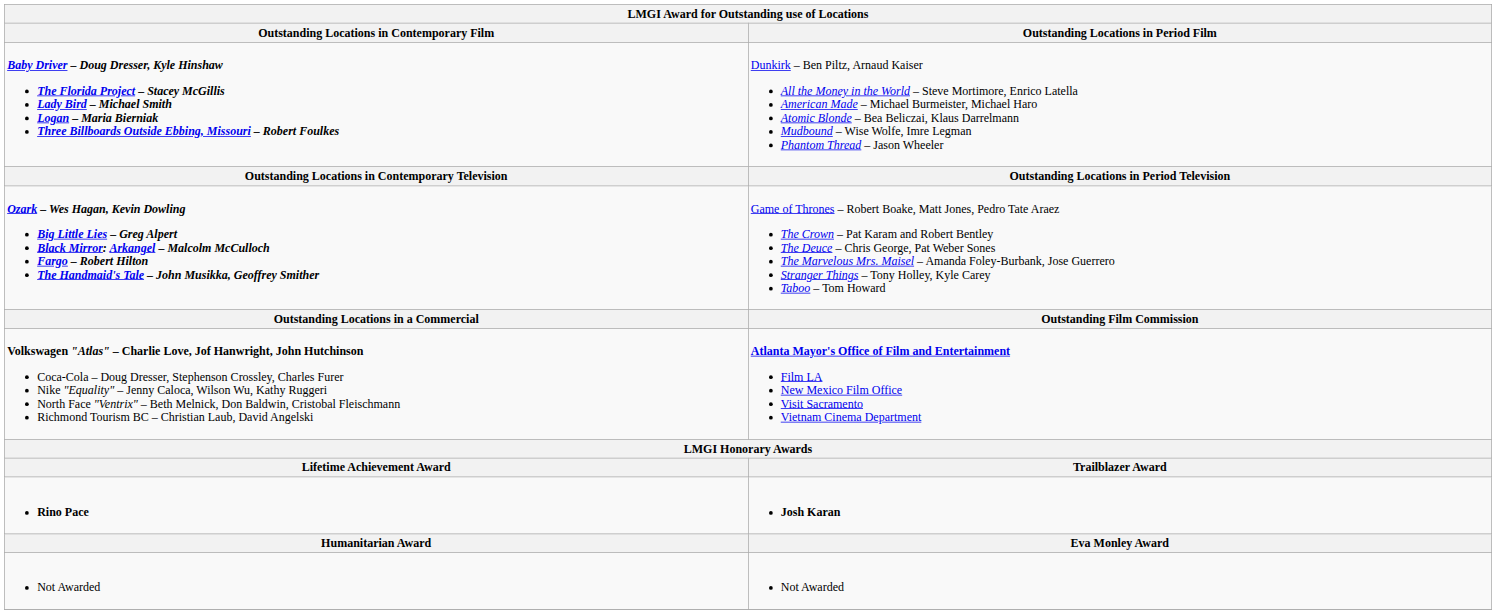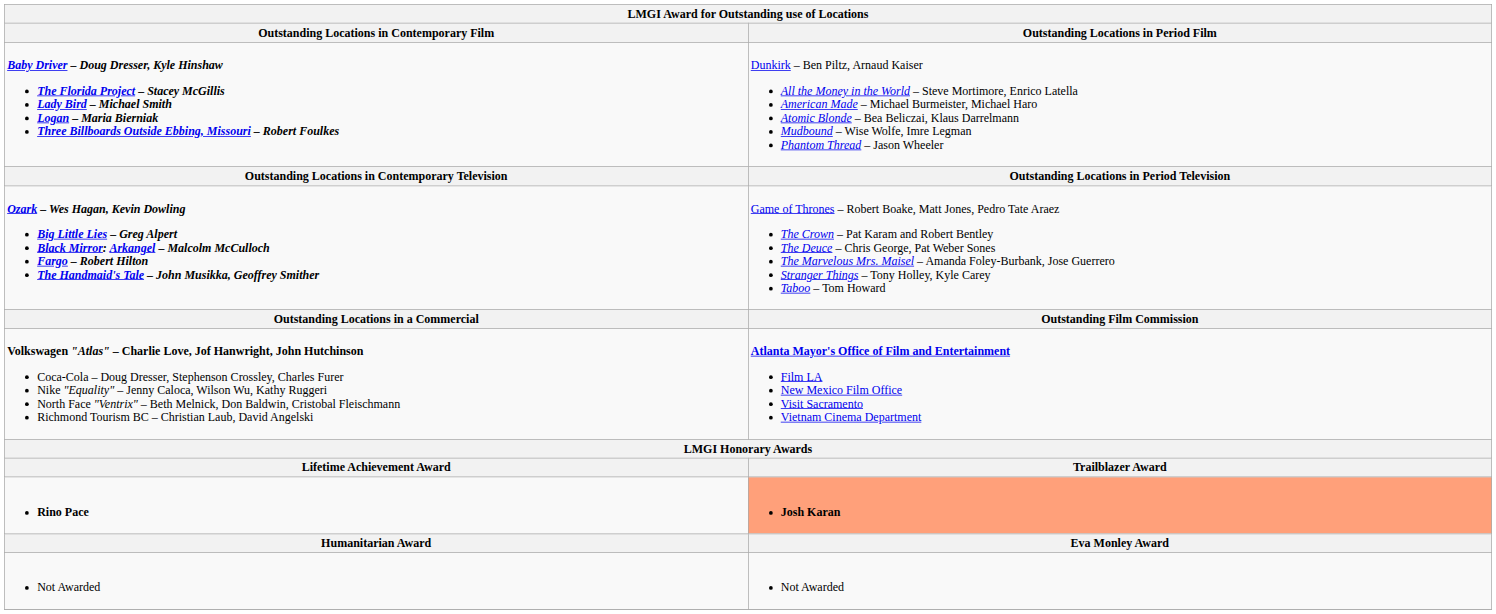 <table class=wikitable width="100%">
 <tr>
 <th colspan="2">LMGI Award for Outstanding use of Locations</th>
 </tr>
 <tr>
 <th width="50%">Outstanding Locations in Contemporary Film</th>
 <th width="50%">Outstanding Locations in Period Film</th>
 </tr>
 <tr>
 <td valign="top"><br><strong><em><a href='#'>Baby Driver</a><em> – Doug Dresser, Kyle Hinshaw<strong><ul><li></em><a href='#'>The Florida Project</a><em> – Stacey McGillis</li><li></em><a href='#'>Lady Bird</a><em> – Michael Smith</li><li></em><a href='#'>Logan</a><em> – Maria Bierniak</li><li></em><a href='#'>Three Billboards Outside Ebbing, Missouri</a><em> – Robert Foulkes</li></ul></td>
 <td valign="top"><br></em></strong><a href='#'>Dunkirk</a></em> – Ben Piltz, Arnaud Kaiser</strong><ul><li><em><a href='#'>All the Money in the World</a></em> – Steve Mortimore, Enrico Latella</li><li><em><a href='#'>American Made</a></em> – Michael Burmeister, Michael Haro</li><li><em><a href='#'>Atomic Blonde</a></em> – Bea Beliczai, Klaus Darrelmann</li><li><em><a href='#'>Mudbound</a></em> – Wise Wolfe, Imre Legman</li><li><em><a href='#'>Phantom Thread</a></em> – Jason Wheeler</li></ul></td>
 </tr>
 <tr>
 <th>Outstanding Locations in Contemporary Television</th>
 <th>Outstanding Locations in Period Television</th>
 </tr>
 <tr>
 <td valign="top"><br><strong><em><a href='#'>Ozark</a><em> – Wes Hagan, Kevin Dowling<strong><ul><li></em><a href='#'>Big Little Lies</a><em> – Greg Alpert</li><li></em><a href='#'>Black Mirror</a>: <a href='#'>Arkangel</a><em> – Malcolm McCulloch</li><li></em><a href='#'>Fargo</a><em> – Robert Hilton</li><li></em><a href='#'>The Handmaid's Tale</a><em> – John Musikka, Geoffrey Smither</li></ul></td>
 <td valign="top"><br></em></strong><a href='#'>Game of Thrones</a></em> – Robert Boake, Matt Jones, Pedro Tate Araez</strong><ul><li><em><a href='#'>The Crown</a></em> – Pat Karam and Robert Bentley</li><li><em><a href='#'>The Deuce</a></em> – Chris George, Pat Weber Sones</li><li><em><a href='#'>The Marvelous Mrs. Maisel</a></em> – Amanda Foley-Burbank, Jose Guerrero</li><li><em><a href='#'>Stranger Things</a></em> – Tony Holley, Kyle Carey</li><li><em><a href='#'>Taboo</a></em> – Tom Howard</li></ul></td>
 </tr>
 <tr>
 <th>Outstanding Locations in a Commercial</th>
 <th>Outstanding Film Commission</th>
 </tr>
 <tr>
 <td valign="top"><br><strong>Volkswagen <em>"Atlas"</em> – Charlie Love, Jof Hanwright, John Hutchinson</strong><ul><li>Coca-Cola – Doug Dresser, Stephenson Crossley, Charles Furer</li><li>Nike <em>"Equality"</em> – Jenny Caloca, Wilson Wu, Kathy Ruggeri</li><li>North Face <em>"Ventrix"</em> – Beth Melnick, Don Baldwin, Cristobal Fleischmann</li><li>Richmond Tourism BC – Christian Laub, David Angelski</li></ul></td>
 <td valign="top"><br><strong><a href='#'>Atlanta Mayor's Office of Film and Entertainment</a></strong><ul><li><a href='#'>Film LA</a></li><li><a href='#'>New Mexico Film Office</a></li><li><a href='#'>Visit Sacramento</a></li><li><a href='#'>Vietnam Cinema Department</a></li></ul></td>
 </tr>
 <tr>
 <th colspan="2">LMGI Honorary Awards</th>
 </tr>
 <tr>
 <th>Lifetime Achievement Award</th>
 <th>Trailblazer Award</th>
 </tr>
 <tr>
 <td valign="top"><br><ul><li><strong>Rino Pace</strong></li></ul></td>
-<td valign="top"><br><ul><li><strong>Josh Karan</strong></li></ul></td>
+<td valign="top" style="background: lightsalmon;"><br><ul><li><strong>Josh Karan</strong></li></ul></td>
 </tr>
 <tr>
 <th>Humanitarian Award</th>
 <th>Eva Monley Award</th>
 </tr>
 <tr>
 <td valign="top"><br><ul><li>Not Awarded</li></ul></td>
 <td valign="top"><br><ul><li>Not Awarded</li></ul></td>
 </tr>
 <tr>
 </tr>
 </table>
